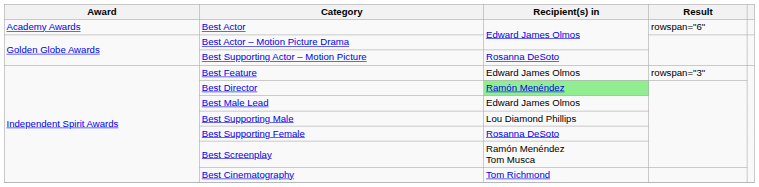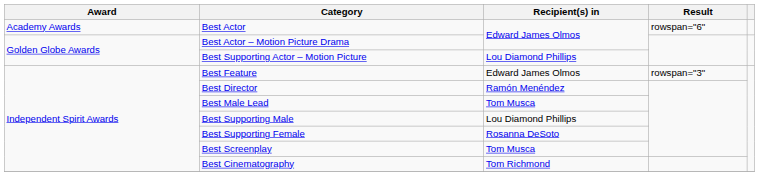 <table class="wikitable sortable" style="width: 99%;">
 <tr>
 <th scope="col">Award</th>
 <th scope="col">Category</th>
 <th scope="col">Recipient(s) in</th>
 <th scope="col">Result</th>
 <th scope="col" class="unsortable"></th>
 </tr>
 <tr>
 <td rowspan="1"><a href='#'>Academy Awards</a></td>
 <td><a href='#'>Best Actor</a></td>
 <td rowspan="2"><a href='#'>Edward James Olmos</a></td>
 <td>rowspan="6" </td>
 <td rowspan="1"></td>
 </tr>
 <tr>
 <td rowspan="2"><a href='#'>Golden Globe Awards</a></td>
 <td><a href='#'>Best Actor – Motion Picture Drama</a></td>
 <td rowspan="2"></td>
 </tr>
 <tr>
 <td><a href='#'>Best Supporting Actor – Motion Picture</a></td>
-<td><a href='#'>Rosanna DeSoto</a></td>
+<td><a href='#'>Lou Diamond Phillips</a></td>
 </tr>
 <tr>
 <td rowspan="7"><a href='#'>Independent Spirit Awards</a></td>
 <td><a href='#'>Best Feature</a></td>
 <td>Edward James Olmos</td>
 <td>rowspan="3" </td>
 <td rowspan="7"></td>
 </tr>
 <tr>
 <td><a href='#'>Best Director</a></td>
-<td style="background: lightgreen;"><a href='#'>Ramón Menéndez</a></td>
+<td><a href='#'>Ramón Menéndez</a></td>
 </tr>
 <tr>
 <td><a href='#'>Best Male Lead</a></td>
-<td>Edward James Olmos</td>
+<td><a href='#'>Tom Musca</a></td>
 </tr>
 <tr>
 <td><a href='#'>Best Supporting Male</a></td>
 <td>Lou Diamond Phillips</td>
 </tr>
 <tr>
 <td><a href='#'>Best Supporting Female</a></td>
 <td><a href='#'>Rosanna DeSoto</a></td>
 </tr>
 <tr>
 <td><a href='#'>Best Screenplay</a></td>
-<td>Ramón Menéndez<br>Tom Musca</td>
+<td><a href='#'>Tom Musca</a></td>
 </tr>
 <tr>
 <td><a href='#'>Best Cinematography</a></td>
 <td><a href='#'>Tom Richmond</a></td>
 <td></td>
 </tr>
 <tr>
 </tr>
 </table>
